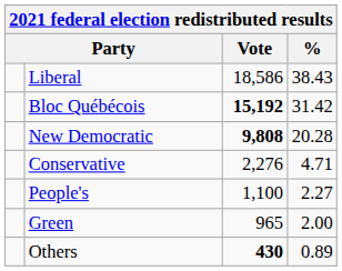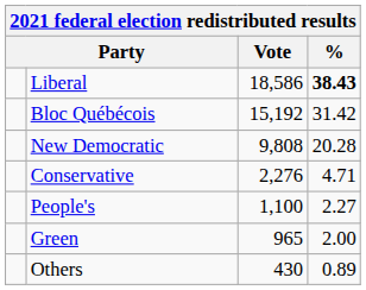 <table class="wikitable">
 <tr>
 <th colspan="4"><a href='#'>2021 federal election</a> redistributed results</th>
 </tr>
 <tr>
 <th bgcolor="#DDDDFF" width="130px" colspan="2">Party</th>
 <th bgcolor="#DDDDFF" width="50px">Vote</th>
 <th bgcolor="#DDDDFF" width="30px">%</th>
 </tr>
 <tr>
 <td> </td>
 <td><a href='#'>Liberal</a></td>
 <td align=right>18,586</td>
-<td align=right>38.43</td>
+<td align=right><strong>38.43</strong></td>
 </tr>
 <tr>
 <td> </td>
 <td><a href='#'>Bloc Québécois</a></td>
-<td align=right><strong>15,192</strong></td>
+<td align=right>15,192</td>
 <td align=right>31.42</td>
 </tr>
 <tr>
 <td> </td>
 <td><a href='#'>New Democratic</a></td>
-<td align=right><strong>9,808</strong></td>
+<td align=right>9,808</td>
 <td align=right>20.28</td>
 </tr>
 <tr>
 <td> </td>
 <td><a href='#'>Conservative</a></td>
 <td align=right>2,276</td>
 <td align=right>4.71</td>
 </tr>
 <tr>
 <td> </td>
 <td><a href='#'>People's</a></td>
 <td align=right>1,100</td>
 <td align=right>2.27</td>
 </tr>
 <tr>
 <td> </td>
 <td><a href='#'>Green</a></td>
 <td align=right>965</td>
 <td align=right>2.00</td>
 </tr>
 <tr>
 <td> </td>
 <td>Others</td>
-<td align=right><strong>430</strong></td>
+<td align=right>430</td>
 <td align=right>0.89</td>
 </tr>
 </table>
